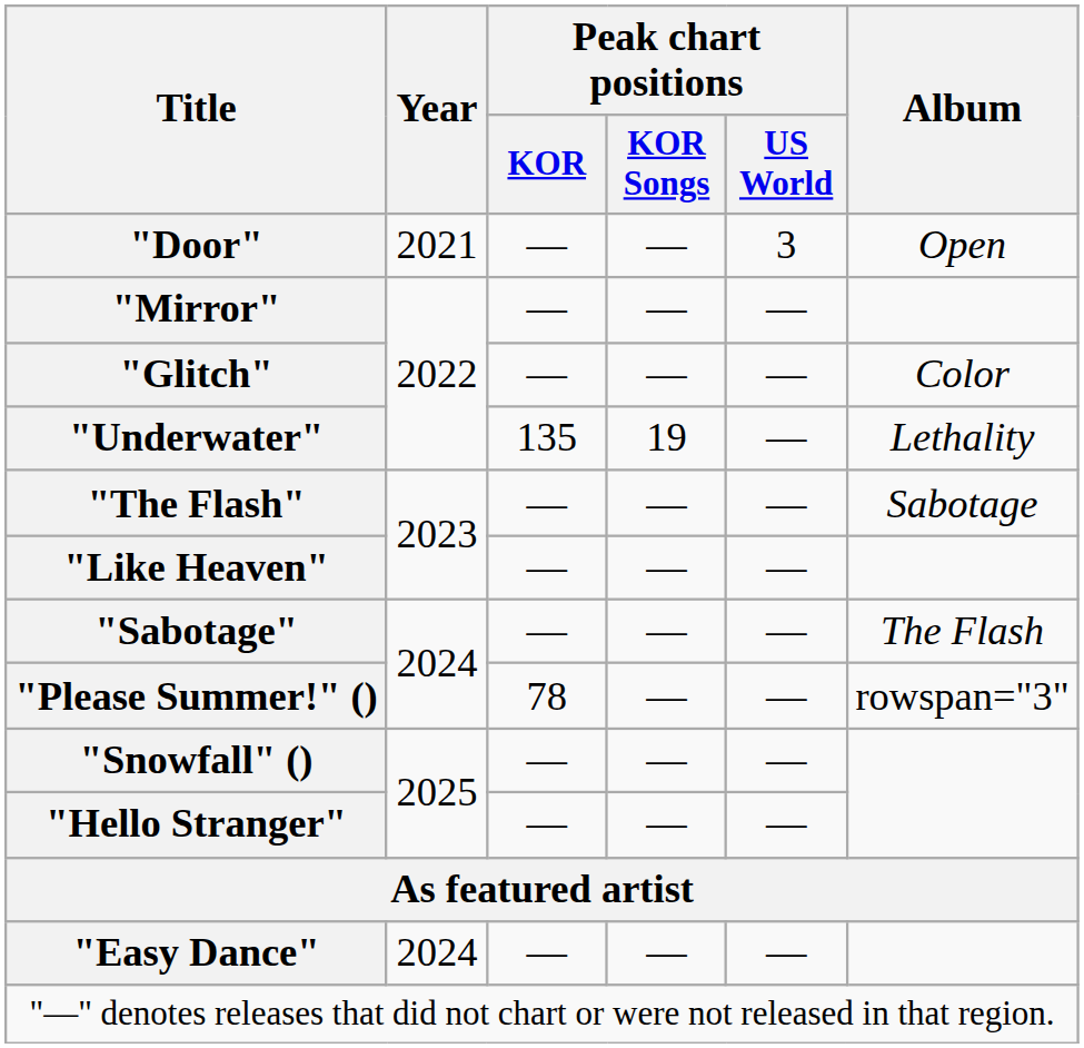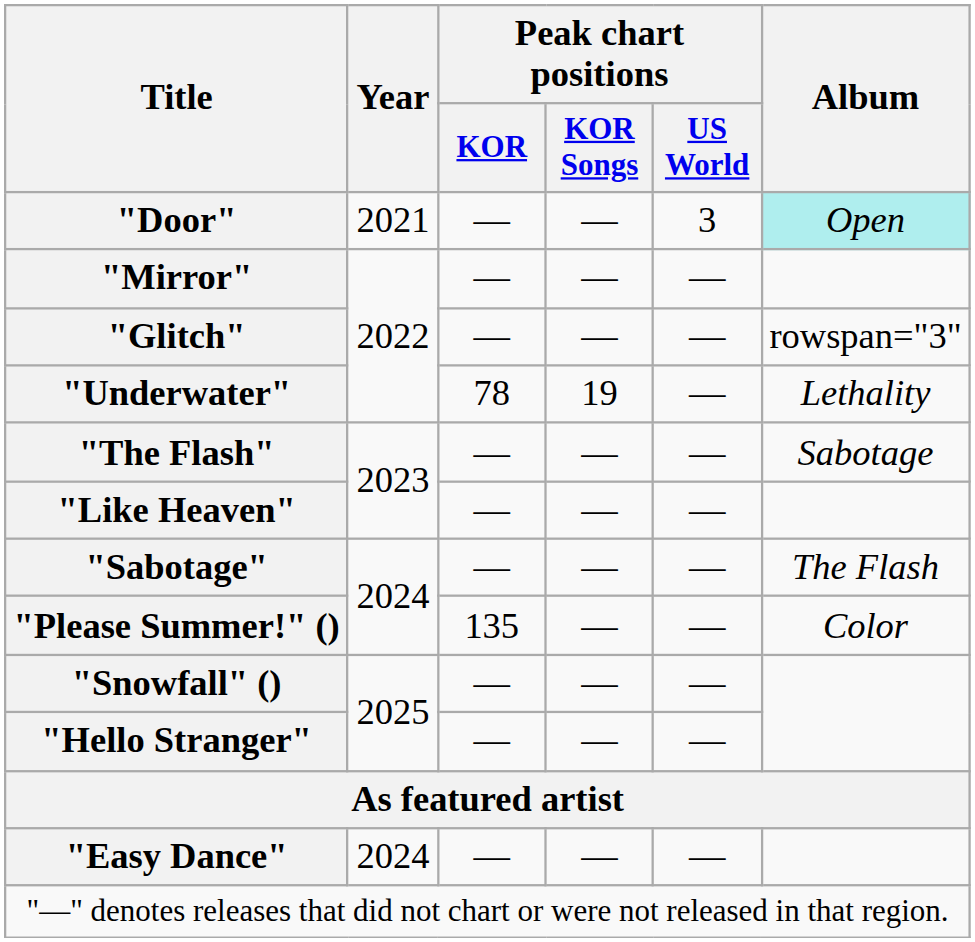 <table class="wikitable plainrowheaders" style="text-align:center">
 <tr>
 <th scope="col" rowspan="2">Title</th>
 <th scope="col" rowspan="2">Year</th>
 <th scope="col" colspan="3">Peak chart positions</th>
 <th scope="col" rowspan="2">Album</th>
 </tr>
 <tr>
 <th scope="col" style="width:3em;font-size:85%"><a href='#'>KOR</a><br></th>
 <th scope="col" style="width:3em;font-size:85%"><a href='#'>KOR<br>Songs</a><br></th>
 <th scope="col" style="width:3em;font-size:85%"><a href='#'>US<br>World</a><br></th>
 </tr>
 <tr>
 <th scope="row">"Door"</th>
 <td>2021</td>
 <td>—</td>
 <td>—</td>
 <td>3</td>
-<td><em>Open</em></td>
+<td style="background: paleturquoise;"><em>Open</em></td>
 </tr>
 <tr>
 <th scope="row">"Mirror"</th>
 <td rowspan="3">2022</td>
 <td>—</td>
 <td>—</td>
 <td>—</td>
 <td></td>
 </tr>
 <tr>
 <th scope="row">"Glitch"</th>
 <td>—</td>
 <td>—</td>
 <td>—</td>
-<td><em>Color</em></td>
+<td>rowspan="3" </td>
 </tr>
 <tr>
 <th scope="row">"Underwater"</th>
-<td>135</td>
+<td>78</td>
 <td>19</td>
 <td>—</td>
 <td><em>Lethality</em></td>
 </tr>
 <tr>
 <th scope="row">"The Flash"</th>
 <td rowspan="2">2023</td>
 <td>—</td>
 <td>—</td>
 <td>—</td>
 <td><em>Sabotage</em></td>
 </tr>
 <tr>
 <th scope="row">"Like Heaven" </th>
 <td>—</td>
 <td>—</td>
 <td>—</td>
 <td></td>
 </tr>
 <tr>
 <th scope="row">"Sabotage"</th>
 <td rowspan="2">2024</td>
 <td>—</td>
 <td>—</td>
 <td>—</td>
 <td><em>The Flash</em></td>
 </tr>
 <tr>
 <th scope="row">"Please Summer!" ()</th>
-<td>78</td>
+<td>135</td>
 <td>—</td>
 <td>—</td>
-<td>rowspan="3" </td>
+<td><em>Color</em></td>
 </tr>
 <tr>
 <th scope="row">"Snowfall" () </th>
 <td rowspan="2">2025</td>
 <td>—</td>
 <td>—</td>
 <td>—</td>
 </tr>
 <tr>
 <th scope="row">"Hello Stranger"</th>
 <td>—</td>
 <td>—</td>
 <td>—</td>
 </tr>
 <tr>
 <th scope="col" colspan="6">As featured artist</th>
 </tr>
 <tr>
 <th scope="row">"Easy Dance"<br></th>
 <td>2024</td>
 <td>—</td>
 <td>—</td>
 <td>—</td>
 <td></td>
 </tr>
 <tr>
 <td colspan="6" style="font-size:85%">"—" denotes releases that did not chart or were not released in that region.</td>
 </tr>
 </table>
